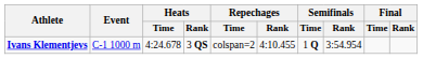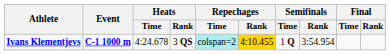 <table class="wikitable" style="font-size:90%">
 <tr>
 <th rowspan=2>Athlete</th>
 <th rowspan=2>Event</th>
 <th colspan=2>Heats</th>
 <th colspan=2>Repechages</th>
 <th colspan=2>Semifinals</th>
 <th colspan=2>Final</th>
 </tr>
 <tr style="font-size:95%">
 <th>Time</th>
 <th>Rank</th>
 <th>Time</th>
 <th>Rank</th>
 <th>Time</th>
 <th>Rank</th>
 <th>Time</th>
 <th>Rank</th>
 </tr>
 <tr align=center>
 <td align=left><strong><a href='#'>Ivans Klementjevs</a></strong></td>
-<td align=left><a href='#'>C-1 1000 m</a></td>
+<td align=left><strong><a href='#'>C-1 1000 m</a></strong></td>
 <td>4:24.678</td>
 <td>3 <strong>QS</strong></td>
-<td>colspan=2 </td>
-<td>4:10.455</td>
+<td style="background: paleturquoise;">colspan=2 </td>
+<td style="background: gold;">4:10.455</td>
 <td>1 <strong>Q</strong></td>
 <td>3:54.954</td>
 <td></td>
 </tr>
 </table>
